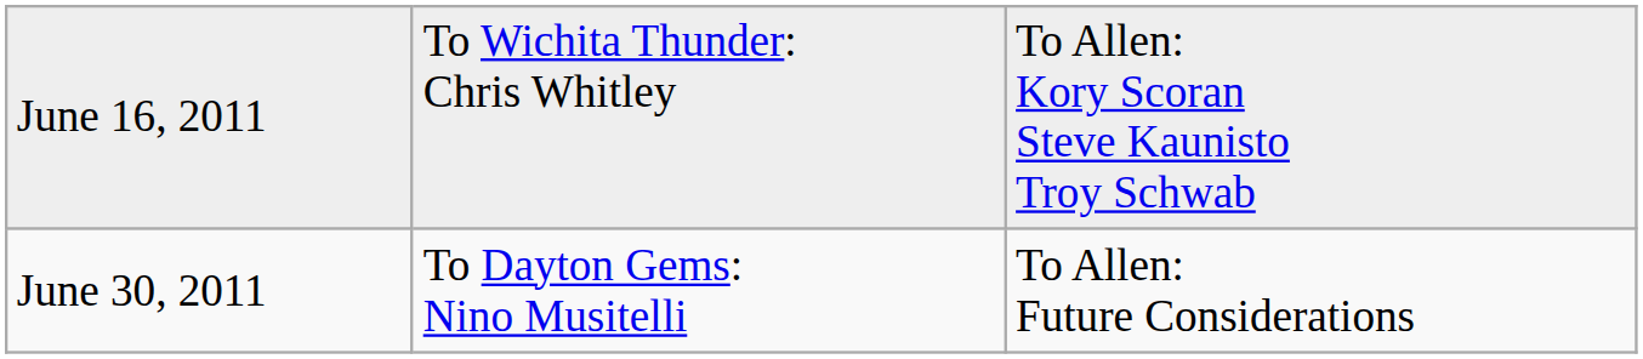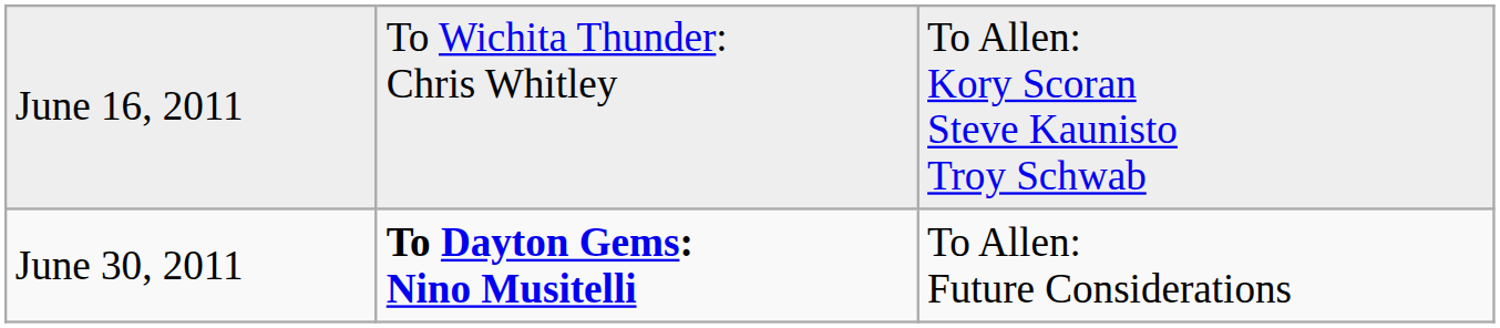 <table class="wikitable" style="border:1px solid #999999; width:580px;">
 <tr bgcolor="eeeeee">
 <td>June 16, 2011</td>
 <td valign="top">To <a href='#'>Wichita Thunder</a>: <br> Chris Whitley</td>
 <td valign="top">To Allen: <br><a href='#'>Kory Scoran</a><br><a href='#'>Steve Kaunisto</a><br><a href='#'>Troy Schwab</a></td>
 </tr>
 <tr>
 <td>June 30, 2011</td>
-<td valign="top">To <a href='#'>Dayton Gems</a>: <br> <a href='#'>Nino Musitelli</a></td>
+<td valign="top"><strong>To <a href='#'>Dayton Gems</a>: <br> <a href='#'>Nino Musitelli</a></strong></td>
 <td valign="top">To Allen: <br> Future Considerations</td>
 </tr>
 </table>
